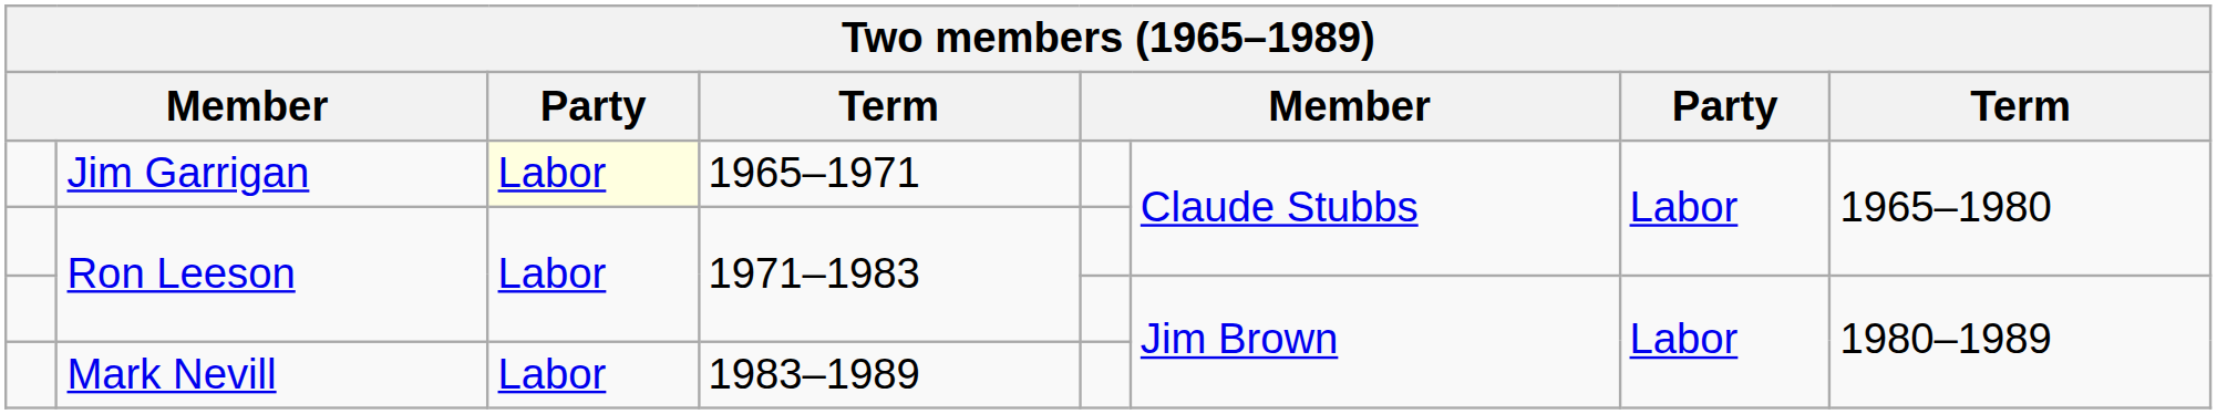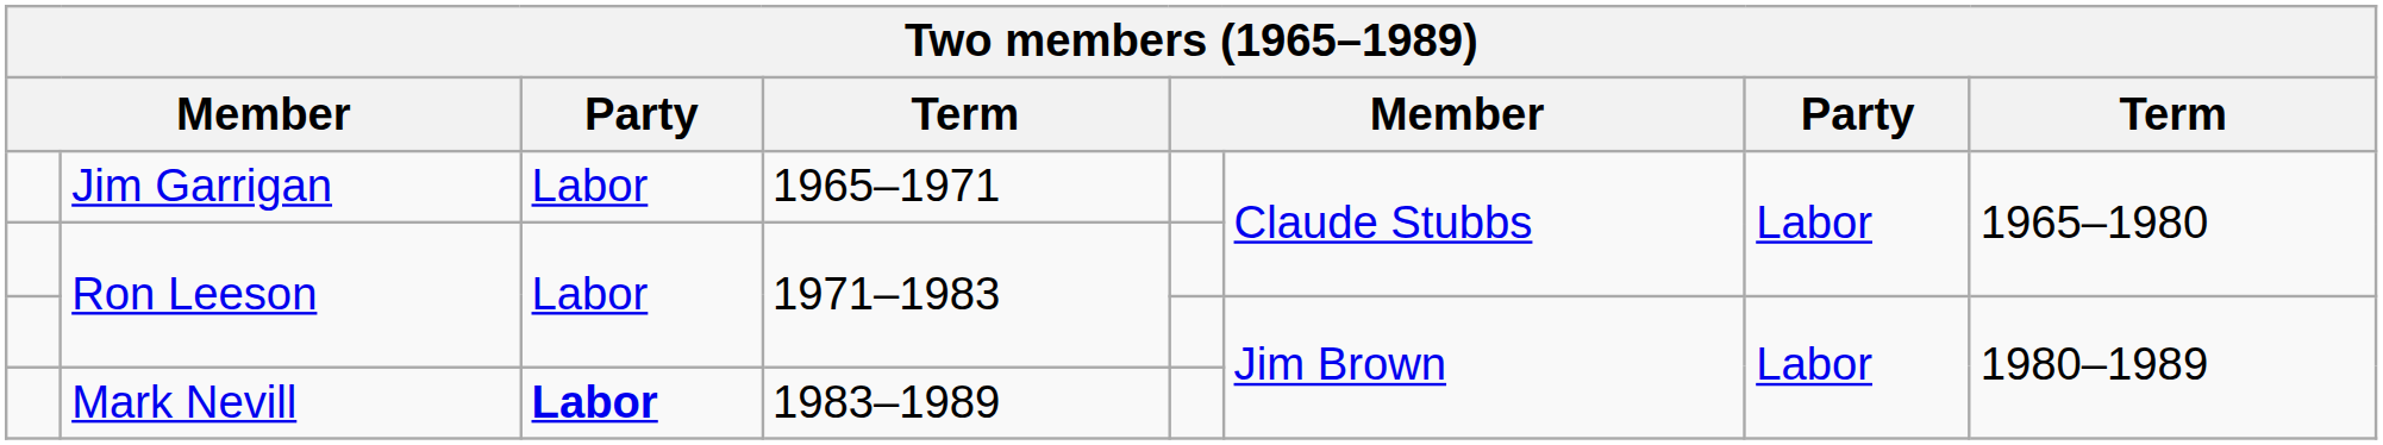 <table class="wikitable" width="66%">
 <tr>
 <th colspan="8">Two members (1965–1989)</th>
 </tr>
 <tr>
 <th colspan="2">Member</th>
 <th>Party</th>
 <th>Term</th>
 <th colspan="2">Member</th>
 <th>Party</th>
 <th>Term</th>
 </tr>
 <tr>
 <td> </td>
 <td><a href='#'>Jim Garrigan</a></td>
-<td style="background: lightyellow;"><a href='#'>Labor</a></td>
+<td><a href='#'>Labor</a></td>
 <td>1965–1971</td>
 <td> </td>
 <td rowspan="2"><a href='#'>Claude Stubbs</a></td>
 <td rowspan="2"><a href='#'>Labor</a></td>
 <td rowspan="2">1965–1980</td>
 </tr>
 <tr>
 <td> </td>
 <td rowspan="2"><a href='#'>Ron Leeson</a></td>
 <td rowspan="2"><a href='#'>Labor</a></td>
 <td rowspan="2">1971–1983</td>
 <td> </td>
 </tr>
 <tr>
 <td> </td>
 <td> </td>
 <td rowspan="2"><a href='#'>Jim Brown</a></td>
 <td rowspan="2"><a href='#'>Labor</a></td>
 <td rowspan="2">1980–1989</td>
 </tr>
 <tr>
 <td> </td>
 <td><a href='#'>Mark Nevill</a></td>
-<td><a href='#'>Labor</a></td>
+<td><strong><a href='#'>Labor</a></strong></td>
 <td>1983–1989</td>
 <td> </td>
 </tr>
 </table>
